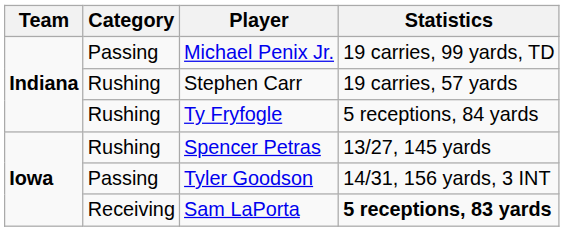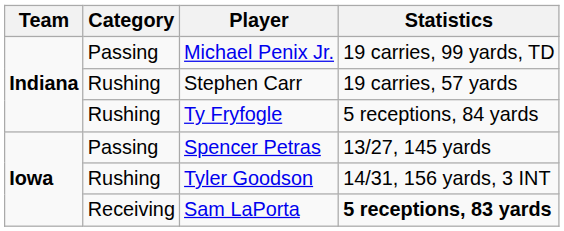 <table class="wikitable" style="float: left;">
 <tr>
 <th>Team</th>
 <th>Category</th>
 <th>Player</th>
 <th>Statistics</th>
 </tr>
 <tr>
 <td rowspan=3><strong>Indiana</strong></td>
 <td>Passing</td>
 <td><a href='#'>Michael Penix Jr.</a></td>
 <td>19 carries, 99 yards, TD</td>
 </tr>
 <tr>
 <td>Rushing</td>
 <td>Stephen Carr</td>
 <td>19 carries, 57 yards</td>
 </tr>
 <tr>
 <td>Rushing</td>
 <td><a href='#'>Ty Fryfogle</a></td>
 <td>5 receptions, 84 yards</td>
 </tr>
 <tr>
 <td rowspan=3><strong>Iowa</strong></td>
-<td>Rushing</td>
+<td>Passing</td>
 <td><a href='#'>Spencer Petras</a></td>
 <td>13/27, 145 yards</td>
 </tr>
 <tr>
-<td>Passing</td>
+<td>Rushing</td>
 <td><a href='#'>Tyler Goodson</a></td>
 <td>14/31, 156 yards, 3 INT</td>
 </tr>
 <tr>
 <td>Receiving</td>
 <td><a href='#'>Sam LaPorta</a></td>
 <td><strong>5 receptions, 83 yards</strong></td>
 </tr>
 </table>
